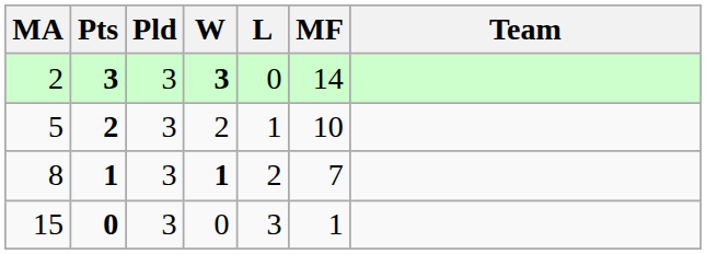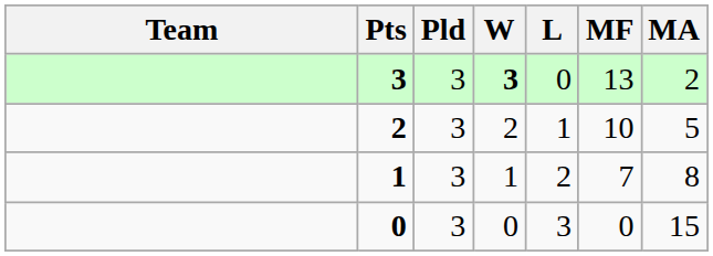 <table class=wikitable style="text-align:right">
 <tr>
-<th width=20>MA</th>
+<th width=175>Team</th>
 <th width=20>Pts</th>
 <th width=20>Pld</th>
 <th width=20>W</th>
 <th width=20>L</th>
 <th width=20>MF</th>
-<th width=175>Team</th>
+<th width=20>MA</th>
 </tr>
 <tr bgcolor=ccffcc>
-<td>2</td>
+<td style="text-align:left"><strong></strong></td>
 <td><strong>3</strong></td>
 <td>3</td>
 <td><strong>3</strong></td>
 <td>0</td>
-<td>14</td>
-<td style="text-align:left"><strong></strong></td>
+<td>13</td>
+<td>2</td>
 </tr>
 <tr>
-<td>5</td>
+<td style="text-align:left"></td>
 <td><strong>2</strong></td>
 <td>3</td>
 <td>2</td>
 <td>1</td>
 <td>10</td>
-<td style="text-align:left"></td>
+<td>5</td>
 </tr>
 <tr>
-<td>8</td>
+<td style="text-align:left"></td>
 <td><strong>1</strong></td>
 <td>3</td>
-<td><strong>1</strong></td>
+<td>1</td>
 <td>2</td>
 <td>7</td>
-<td style="text-align:left"></td>
+<td>8</td>
 </tr>
 <tr>
-<td>15</td>
+<td style="text-align:left"></td>
 <td><strong>0</strong></td>
 <td>3</td>
 <td>0</td>
 <td>3</td>
-<td>1</td>
-<td style="text-align:left"></td>
+<td>0</td>
+<td>15</td>
 </tr>
 </table>
